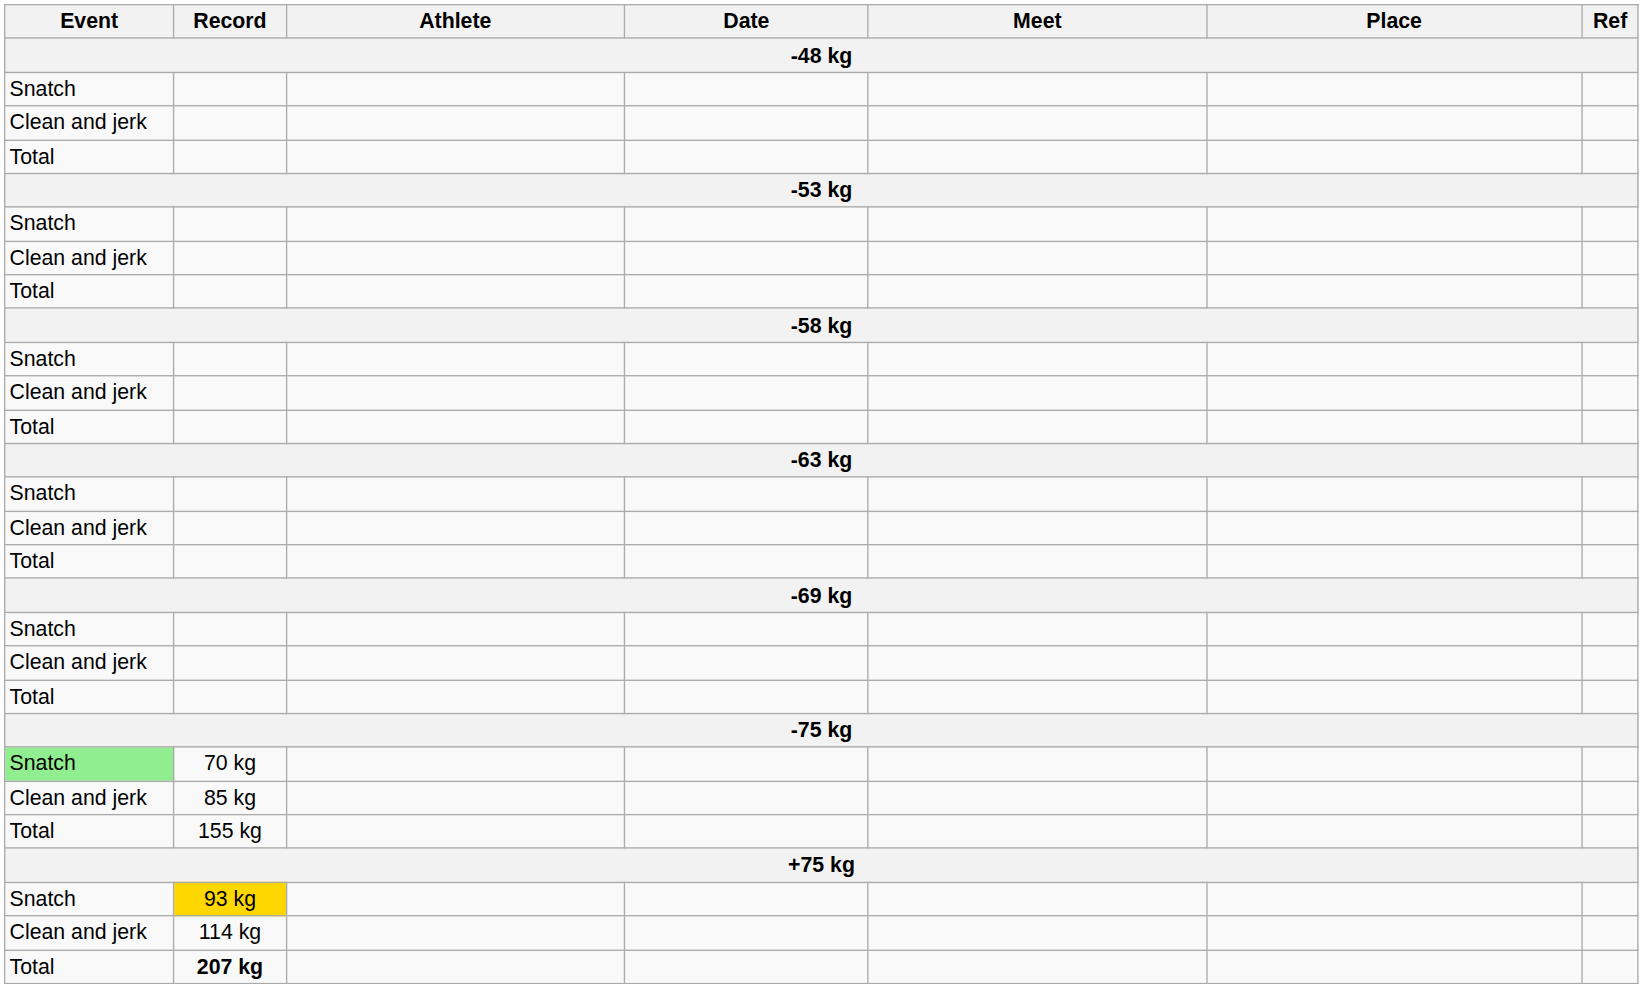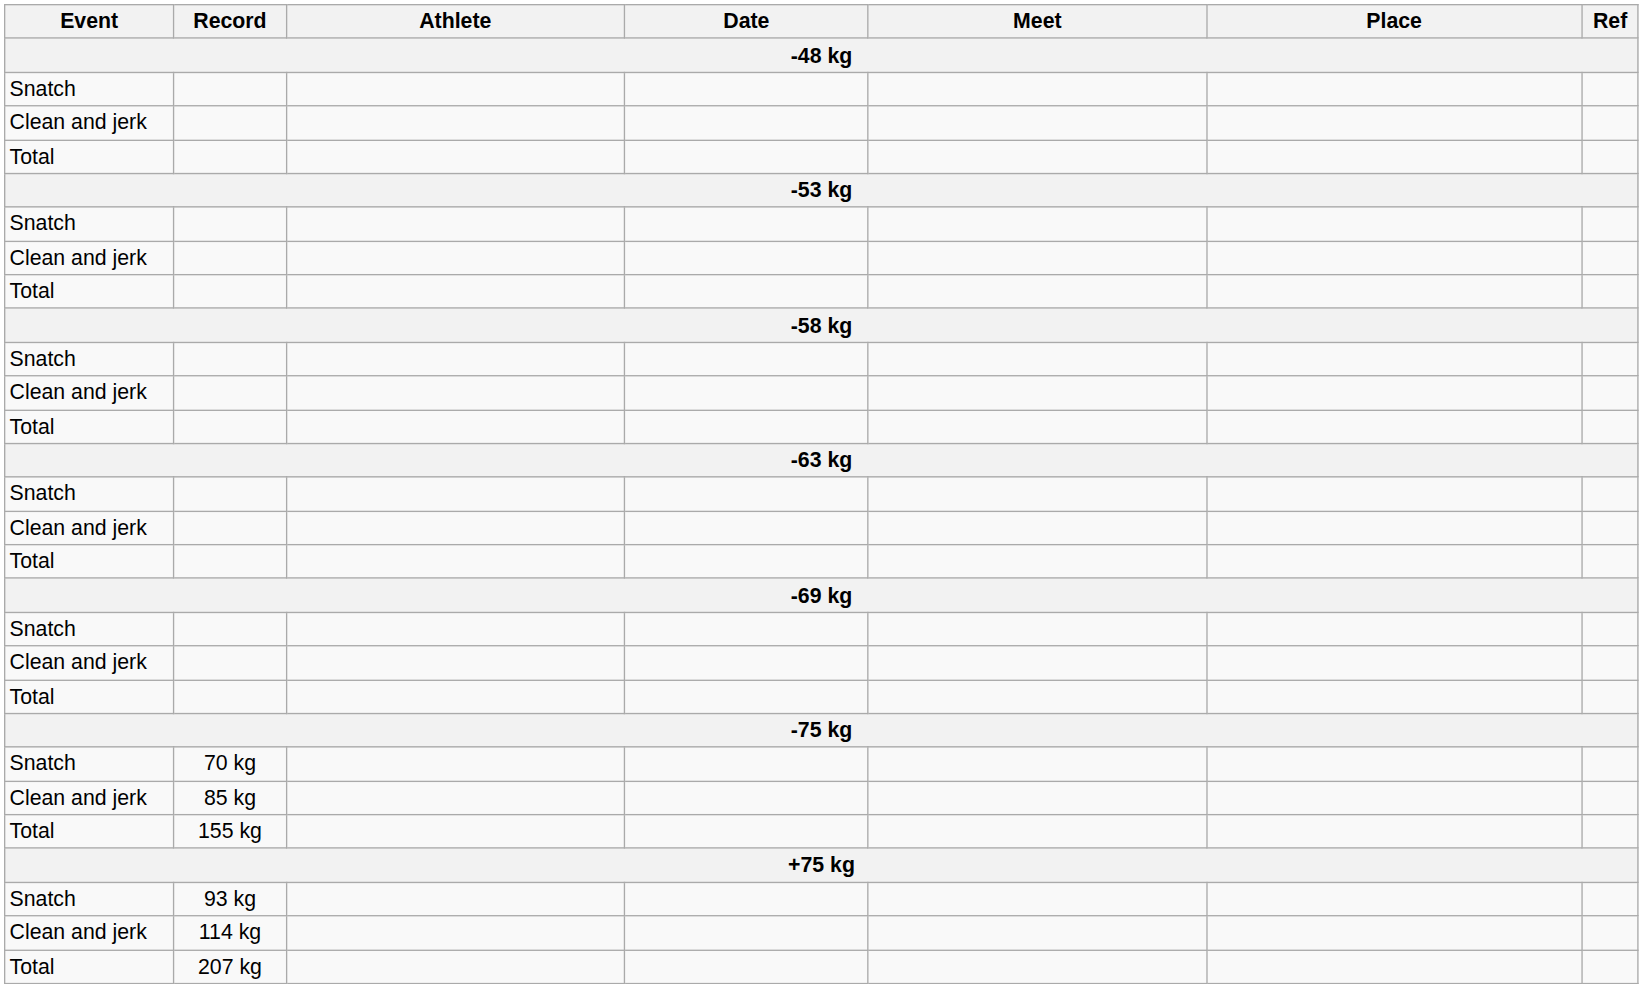 <table class="wikitable">
 <tr>
 <th width=9%>Event</th>
 <th width=6%>Record</th>
 <th width=18%>Athlete</th>
 <th width=13%>Date</th>
 <th width=18%>Meet</th>
 <th width=20%>Place</th>
 <th width=3%>Ref</th>
 </tr>
 <tr bgcolor="#DDDDDD">
 <th colspan="8">-48 kg</th>
 </tr>
 <tr>
 <td>Snatch</td>
 <td align="center"></td>
 <td></td>
 <td></td>
 <td></td>
 <td></td>
 <td></td>
 </tr>
 <tr>
 <td>Clean and jerk</td>
 <td align="center"></td>
 <td></td>
 <td></td>
 <td></td>
 <td></td>
 <td></td>
 </tr>
 <tr>
 <td>Total</td>
 <td align="center"></td>
 <td></td>
 <td></td>
 <td></td>
 <td></td>
 <td></td>
 </tr>
 <tr bgcolor="#DDDDDD">
 <th colspan="8">-53 kg</th>
 </tr>
 <tr>
 <td>Snatch</td>
 <td></td>
 <td></td>
 <td></td>
 <td></td>
 <td></td>
 <td></td>
 </tr>
 <tr>
 <td>Clean and jerk</td>
 <td align="center"></td>
 <td></td>
 <td></td>
 <td></td>
 <td></td>
 <td></td>
 </tr>
 <tr>
 <td>Total</td>
 <td></td>
 <td></td>
 <td></td>
 <td></td>
 <td></td>
 <td></td>
 </tr>
 <tr bgcolor="#DDDDDD">
 <th colspan="8">-58 kg</th>
 </tr>
 <tr>
 <td>Snatch</td>
 <td align="center"></td>
 <td></td>
 <td></td>
 <td></td>
 <td></td>
 <td></td>
 </tr>
 <tr>
 <td>Clean and jerk</td>
 <td align="center"></td>
 <td></td>
 <td></td>
 <td></td>
 <td></td>
 <td></td>
 </tr>
 <tr>
 <td>Total</td>
 <td align="center"></td>
 <td></td>
 <td></td>
 <td></td>
 <td></td>
 <td></td>
 </tr>
 <tr bgcolor="#DDDDDD">
 <th colspan="8">-63 kg</th>
 </tr>
 <tr>
 <td>Snatch</td>
 <td></td>
 <td></td>
 <td></td>
 <td></td>
 <td></td>
 <td></td>
 </tr>
 <tr>
 <td>Clean and jerk</td>
 <td></td>
 <td></td>
 <td></td>
 <td></td>
 <td></td>
 <td></td>
 </tr>
 <tr>
 <td>Total</td>
 <td></td>
 <td></td>
 <td></td>
 <td></td>
 <td></td>
 <td></td>
 </tr>
 <tr bgcolor="#DDDDDD">
 <th colspan="8">-69 kg</th>
 </tr>
 <tr>
 <td>Snatch</td>
 <td></td>
 <td></td>
 <td></td>
 <td></td>
 <td></td>
 <td></td>
 </tr>
 <tr>
 <td>Clean and jerk</td>
 <td></td>
 <td></td>
 <td></td>
 <td></td>
 <td></td>
 <td></td>
 </tr>
 <tr>
 <td>Total</td>
 <td></td>
 <td></td>
 <td></td>
 <td></td>
 <td></td>
 <td></td>
 </tr>
 <tr bgcolor="#DDDDDD">
 <th colspan="8">-75 kg</th>
 </tr>
 <tr>
-<td style="background: lightgreen;">Snatch</td>
+<td>Snatch</td>
 <td align="center">70 kg</td>
 <td></td>
 <td></td>
 <td></td>
 <td></td>
 <td></td>
 </tr>
 <tr>
 <td>Clean and jerk</td>
 <td align="center">85 kg</td>
 <td></td>
 <td></td>
 <td></td>
 <td></td>
 <td></td>
 </tr>
 <tr>
 <td>Total</td>
 <td align="center">155 kg</td>
 <td></td>
 <td></td>
 <td></td>
 <td></td>
 <td></td>
 </tr>
 <tr bgcolor="#DDDDDD">
 <th colspan="8">+75 kg</th>
 </tr>
 <tr>
 <td>Snatch</td>
-<td align="center" style="background: gold;">93 kg</td>
+<td align="center">93 kg</td>
 <td></td>
 <td></td>
 <td></td>
 <td></td>
 <td></td>
 </tr>
 <tr>
 <td>Clean and jerk</td>
 <td align="center">114 kg</td>
 <td></td>
 <td></td>
 <td></td>
 <td></td>
 <td></td>
 </tr>
 <tr>
 <td>Total</td>
-<td align="center"><strong>207 kg</strong></td>
+<td align="center">207 kg</td>
 <td></td>
 <td></td>
 <td></td>
 <td></td>
 <td></td>
 </tr>
 </table>
